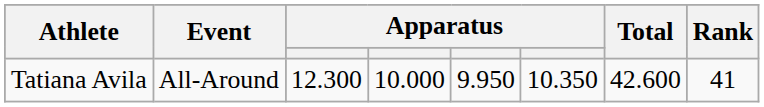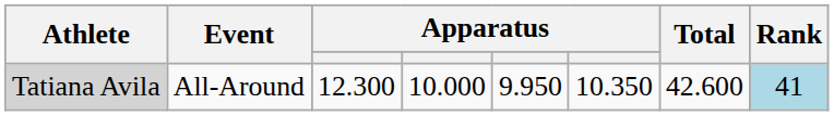 <table class="wikitable" style="font-size:90%">
 <tr>
 <th rowspan=2>Athlete</th>
 <th rowspan=2>Event</th>
 <th colspan=4>Apparatus</th>
 <th rowspan=2>Total</th>
 <th rowspan=2>Rank</th>
 </tr>
 <tr style="font-size:95%">
 <th></th>
 <th></th>
 <th></th>
 <th></th>
 </tr>
 <tr align=center>
-<td align=left>Tatiana Avila</td>
+<td align=left style="background: lightgrey;">Tatiana Avila</td>
 <td align=left>All-Around</td>
 <td>12.300</td>
 <td>10.000</td>
 <td>9.950</td>
 <td>10.350</td>
 <td>42.600</td>
-<td>41</td>
+<td style="background: lightblue;">41</td>
 </tr>
 </table>
